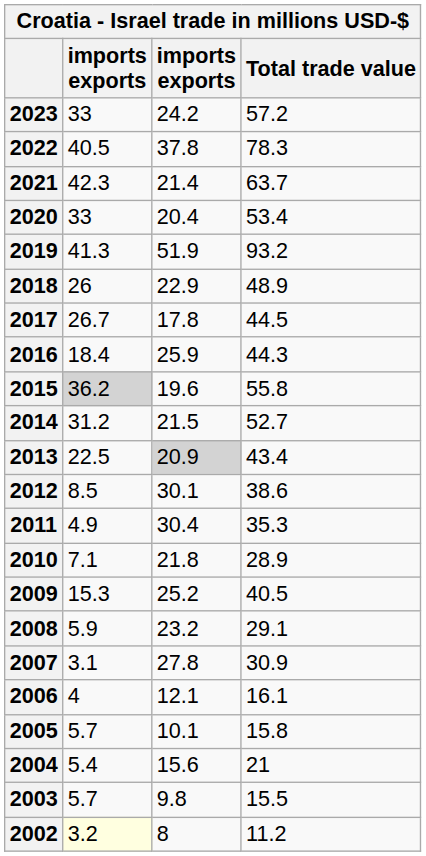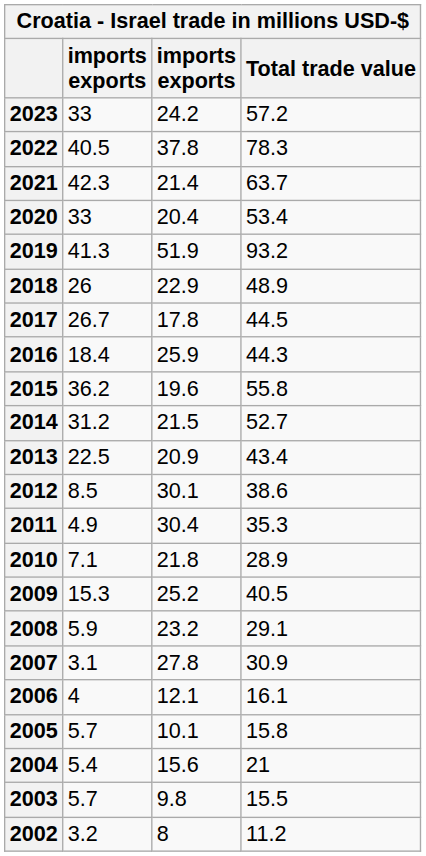 <table class="wikitable mw-collapsible mw-collapsed">
 <tr>
 <th colspan="4">Croatia - Israel trade in millions USD-$</th>
 </tr>
 <tr>
 <th></th>
 <th> imports<br> exports</th>
 <th> imports<br> exports</th>
 <th>Total trade value</th>
 </tr>
 <tr>
 <th>2023</th>
 <td>33</td>
 <td>24.2</td>
 <td>57.2</td>
 </tr>
 <tr>
 <th>2022</th>
 <td>40.5</td>
 <td>37.8</td>
 <td>78.3</td>
 </tr>
 <tr>
 <th>2021</th>
 <td>42.3</td>
 <td>21.4</td>
 <td>63.7</td>
 </tr>
 <tr>
 <th>2020</th>
 <td>33</td>
 <td>20.4</td>
 <td>53.4</td>
 </tr>
 <tr>
 <th>2019</th>
 <td>41.3</td>
 <td>51.9</td>
 <td>93.2</td>
 </tr>
 <tr>
 <th>2018</th>
 <td>26</td>
 <td>22.9</td>
 <td>48.9</td>
 </tr>
 <tr>
 <th>2017</th>
 <td>26.7</td>
 <td>17.8</td>
 <td>44.5</td>
 </tr>
 <tr>
 <th>2016</th>
 <td>18.4</td>
 <td>25.9</td>
 <td>44.3</td>
 </tr>
 <tr>
 <th>2015</th>
-<td style="background: lightgrey;">36.2</td>
+<td>36.2</td>
 <td>19.6</td>
 <td>55.8</td>
 </tr>
 <tr>
 <th>2014</th>
 <td>31.2</td>
 <td>21.5</td>
 <td>52.7</td>
 </tr>
 <tr>
 <th>2013</th>
 <td>22.5</td>
-<td style="background: lightgrey;">20.9</td>
+<td>20.9</td>
 <td>43.4</td>
 </tr>
 <tr>
 <th>2012</th>
 <td>8.5</td>
 <td>30.1</td>
 <td>38.6</td>
 </tr>
 <tr>
 <th>2011</th>
 <td>4.9</td>
 <td>30.4</td>
 <td>35.3</td>
 </tr>
 <tr>
 <th>2010</th>
 <td>7.1</td>
 <td>21.8</td>
 <td>28.9</td>
 </tr>
 <tr>
 <th>2009</th>
 <td>15.3</td>
 <td>25.2</td>
 <td>40.5</td>
 </tr>
 <tr>
 <th>2008</th>
 <td>5.9</td>
 <td>23.2</td>
 <td>29.1</td>
 </tr>
 <tr>
 <th>2007</th>
 <td>3.1</td>
 <td>27.8</td>
 <td>30.9</td>
 </tr>
 <tr>
 <th>2006</th>
 <td>4</td>
 <td>12.1</td>
 <td>16.1</td>
 </tr>
 <tr>
 <th>2005</th>
 <td>5.7</td>
 <td>10.1</td>
 <td>15.8</td>
 </tr>
 <tr>
 <th>2004</th>
 <td>5.4</td>
 <td>15.6</td>
 <td>21</td>
 </tr>
 <tr>
 <th>2003</th>
 <td>5.7</td>
 <td>9.8</td>
 <td>15.5</td>
 </tr>
 <tr>
 <th>2002</th>
-<td style="background: lightyellow;">3.2</td>
+<td>3.2</td>
 <td>8</td>
 <td>11.2</td>
 </tr>
 </table>
